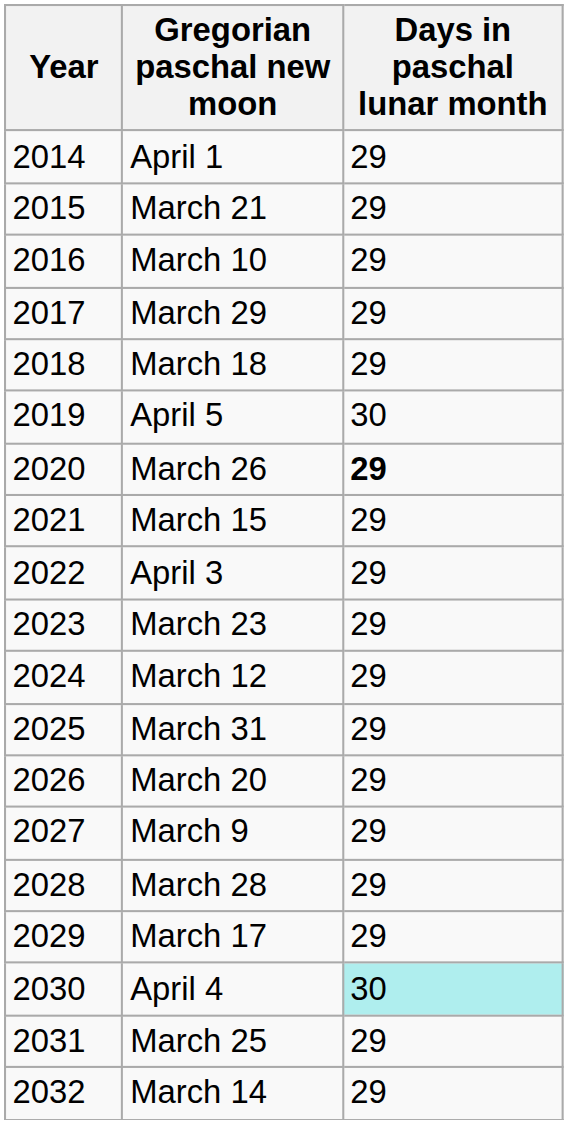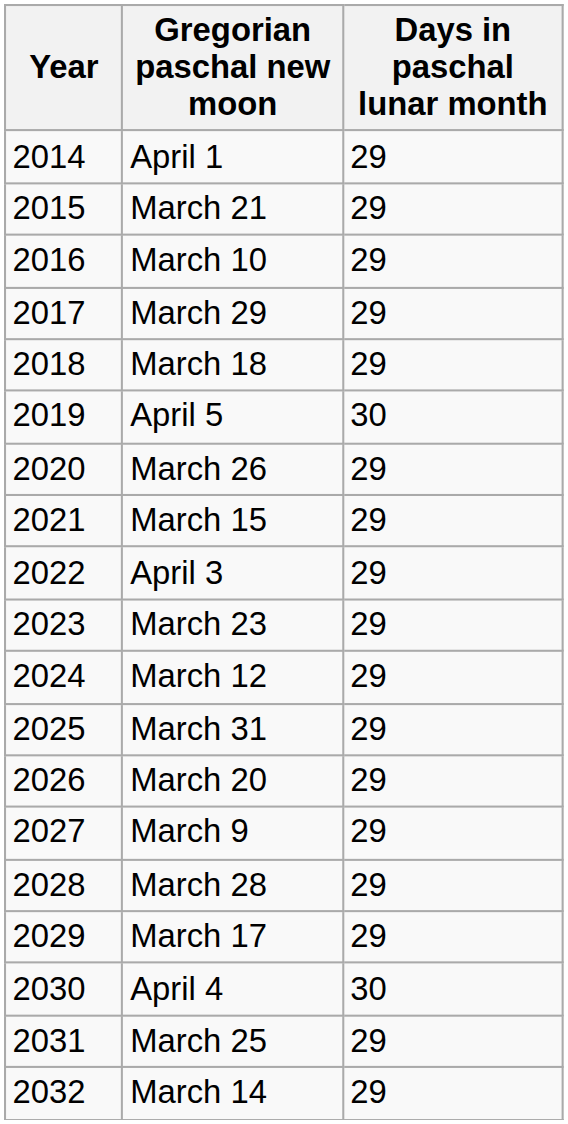 <table class="wikitable" border="1">
 <tr>
 <th width="50">Year</th>
 <th width="100">Gregorian paschal new moon</th>
 <th width="100">Days in paschal lunar month</th>
 </tr>
 <tr>
 <td>2014</td>
 <td>April 1</td>
 <td>29</td>
 </tr>
 <tr>
 <td>2015</td>
 <td>March 21</td>
 <td>29</td>
 </tr>
 <tr>
 <td>2016</td>
 <td>March 10</td>
 <td>29</td>
 </tr>
 <tr>
 <td>2017</td>
 <td>March 29</td>
 <td>29</td>
 </tr>
 <tr>
 <td>2018</td>
 <td>March 18</td>
 <td>29</td>
 </tr>
 <tr>
 <td>2019</td>
 <td>April 5</td>
 <td>30</td>
 </tr>
 <tr>
 <td>2020</td>
 <td>March 26</td>
-<td><strong>29</strong></td>
+<td>29</td>
 </tr>
 <tr>
 <td>2021</td>
 <td>March 15</td>
 <td>29</td>
 </tr>
 <tr>
 <td>2022</td>
 <td>April 3</td>
 <td>29</td>
 </tr>
 <tr>
 <td>2023</td>
 <td>March 23</td>
 <td>29</td>
 </tr>
 <tr>
 <td>2024</td>
 <td>March 12</td>
 <td>29</td>
 </tr>
 <tr>
 <td>2025</td>
 <td>March 31</td>
 <td>29</td>
 </tr>
 <tr>
 <td>2026</td>
 <td>March 20</td>
 <td>29</td>
 </tr>
 <tr>
 <td>2027</td>
 <td>March 9</td>
 <td>29</td>
 </tr>
 <tr>
 <td>2028</td>
 <td>March 28</td>
 <td>29</td>
 </tr>
 <tr>
 <td>2029</td>
 <td>March 17</td>
 <td>29</td>
 </tr>
 <tr>
 <td>2030</td>
 <td>April 4</td>
-<td style="background: paleturquoise;">30</td>
+<td>30</td>
 </tr>
 <tr>
 <td>2031</td>
 <td>March 25</td>
 <td>29</td>
 </tr>
 <tr>
 <td>2032</td>
 <td>March 14</td>
 <td>29</td>
 </tr>
 <tr>
 </tr>
 </table>
